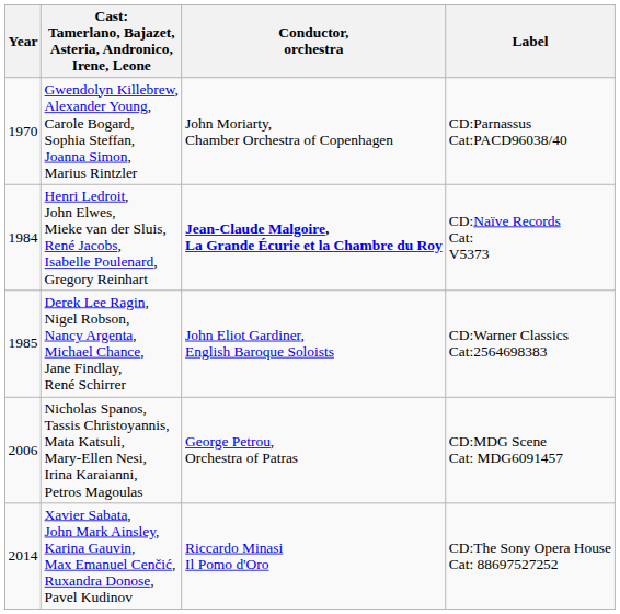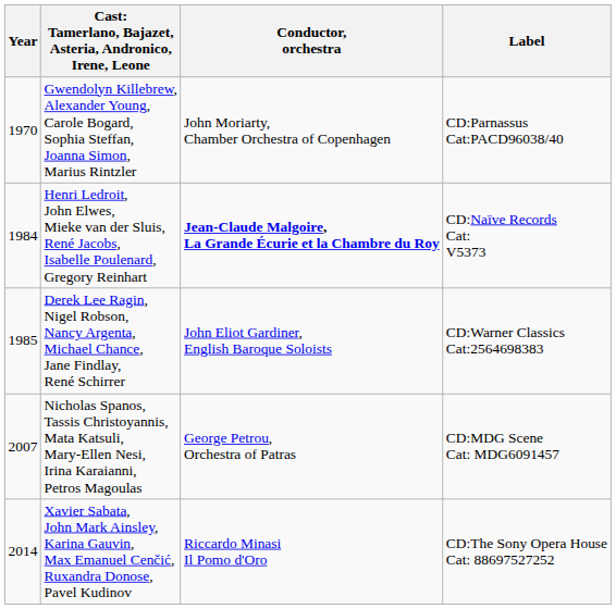 <table class="wikitable">
 <tr>
 <th>Year</th>
 <th>Cast:<br>Tamerlano, Bajazet, <br>Asteria, Andronico,<br>Irene, Leone</th>
 <th>Conductor,<br>orchestra</th>
 <th>Label</th>
 </tr>
 <tr>
 <td>1970</td>
 <td><a href='#'>Gwendolyn Killebrew</a>,<br><a href='#'>Alexander Young</a>,<br>Carole Bogard,<br>Sophia Steffan,<br><a href='#'>Joanna Simon</a>,<br>Marius Rintzler</td>
 <td>John Moriarty,<br> Chamber Orchestra of Copenhagen</td>
 <td>CD:Parnassus<br>Cat:PACD96038/40</td>
 </tr>
 <tr>
 <td>1984</td>
 <td><a href='#'>Henri Ledroit</a>,<br>John Elwes,<br>Mieke van der Sluis,<br><a href='#'>René Jacobs</a>,<br><a href='#'>Isabelle Poulenard</a>,<br>Gregory Reinhart</td>
 <td><strong><a href='#'>Jean-Claude Malgoire</a>,<br><a href='#'>La Grande Écurie et la Chambre du Roy</a></strong></td>
 <td>CD:<a href='#'>Naïve Records</a><br>Cat:<br>V5373</td>
 </tr>
 <tr>
 <td>1985</td>
 <td><a href='#'>Derek Lee Ragin</a>,<br>Nigel Robson,<br><a href='#'>Nancy Argenta</a>,<br><a href='#'>Michael Chance</a>,<br>Jane Findlay,<br> René Schirrer</td>
 <td><a href='#'>John Eliot Gardiner</a>,<br><a href='#'>English Baroque Soloists</a></td>
 <td>CD:Warner Classics<br>Cat:2564698383</td>
 </tr>
 <tr>
-<td>2006</td>
+<td>2007</td>
 <td>Nicholas Spanos,<br>Tassis Christoyannis,<br>Mata Katsuli,<br>Mary-Ellen Nesi,<br>Irina Karaianni,<br>Petros Magoulas</td>
 <td><a href='#'>George Petrou</a>,<br>Orchestra of Patras</td>
 <td>CD:MDG Scene<br>Cat: MDG6091457</td>
 </tr>
 <tr>
 <td>2014</td>
 <td><a href='#'>Xavier Sabata</a>,<br><a href='#'>John Mark Ainsley</a>,<br><a href='#'>Karina Gauvin</a>,<br><a href='#'>Max Emanuel Cenčić</a>,<br><a href='#'>Ruxandra Donose</a>,<br>Pavel Kudinov</td>
 <td><a href='#'>Riccardo Minasi</a><br><a href='#'>Il Pomo d'Oro</a></td>
 <td>CD:The Sony Opera House<br>Cat: 88697527252</td>
 </tr>
 </table>
